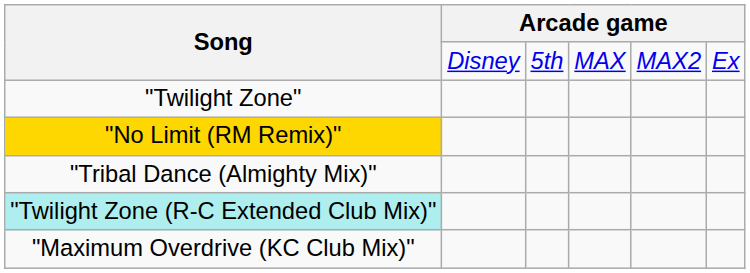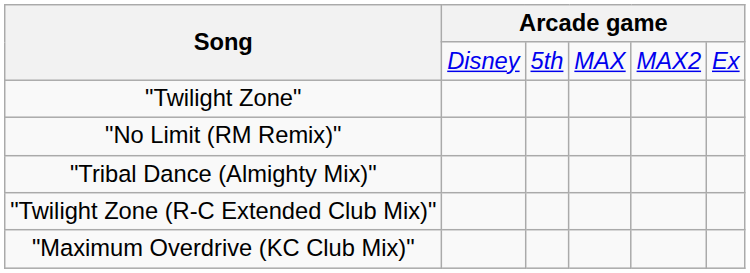 <table class="wikitable" style="text-align:center">
 <tr>
 <th rowspan="2">Song</th>
 <th colspan="14">Arcade game</th>
 </tr>
 <tr>
 <td><em><a href='#'>Disney</a></em></td>
 <td><em><a href='#'>5th</a></em></td>
 <td><em><a href='#'>MAX</a></em></td>
 <td><em><a href='#'>MAX2</a></em></td>
 <td><em><a href='#'>Ex</a></em></td>
 </tr>
 <tr>
 <td>"Twilight Zone"</td>
 <td></td>
 <td></td>
 <td></td>
 <td></td>
 <td></td>
 </tr>
 <tr>
-<td style="background: gold;">"No Limit (RM Remix)"</td>
+<td>"No Limit (RM Remix)"</td>
 <td></td>
 <td></td>
 <td></td>
 <td></td>
 <td></td>
 </tr>
 <tr>
 <td>"Tribal Dance (Almighty Mix)"</td>
 <td></td>
 <td></td>
 <td></td>
 <td></td>
 <td></td>
 </tr>
 <tr>
-<td style="background: paleturquoise;">"Twilight Zone (R-C Extended Club Mix)"</td>
+<td>"Twilight Zone (R-C Extended Club Mix)"</td>
 <td></td>
 <td></td>
 <td></td>
 <td></td>
 <td></td>
 </tr>
 <tr>
 <td>"Maximum Overdrive (KC Club Mix)"</td>
 <td></td>
 <td></td>
 <td></td>
 <td></td>
 <td></td>
 </tr>
 </table>
